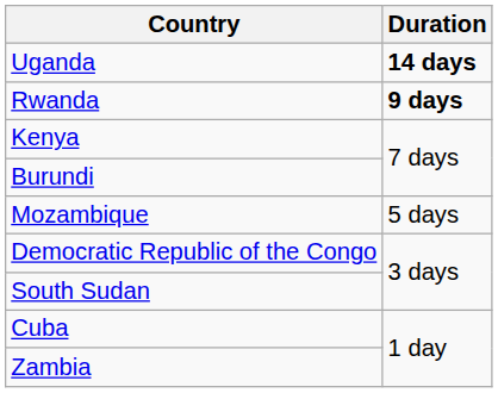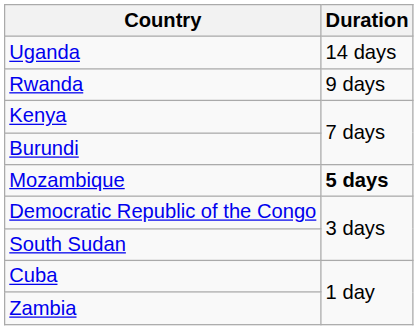 <table class="wikitable">
 <tr>
 <th>Country</th>
 <th>Duration</th>
 </tr>
 <tr>
 <td><a href='#'>Uganda</a></td>
-<td><strong>14 days</strong></td>
+<td>14 days</td>
 </tr>
 <tr>
 <td><a href='#'>Rwanda</a></td>
-<td><strong>9 days</strong></td>
+<td>9 days</td>
 </tr>
 <tr>
 <td><a href='#'>Kenya</a></td>
 <td rowspan="2">7 days</td>
 </tr>
 <tr>
 <td><a href='#'>Burundi</a></td>
 </tr>
 <tr>
 <td><a href='#'>Mozambique</a></td>
-<td>5 days</td>
+<td><strong>5 days</strong></td>
 </tr>
 <tr>
 <td><a href='#'>Democratic Republic of the Congo</a></td>
 <td rowspan="2">3 days</td>
 </tr>
 <tr>
 <td><a href='#'>South Sudan</a></td>
 </tr>
 <tr>
 <td><a href='#'>Cuba</a></td>
 <td rowspan="2">1 day</td>
 </tr>
 <tr>
 <td><a href='#'>Zambia</a></td>
 </tr>
 </table>
